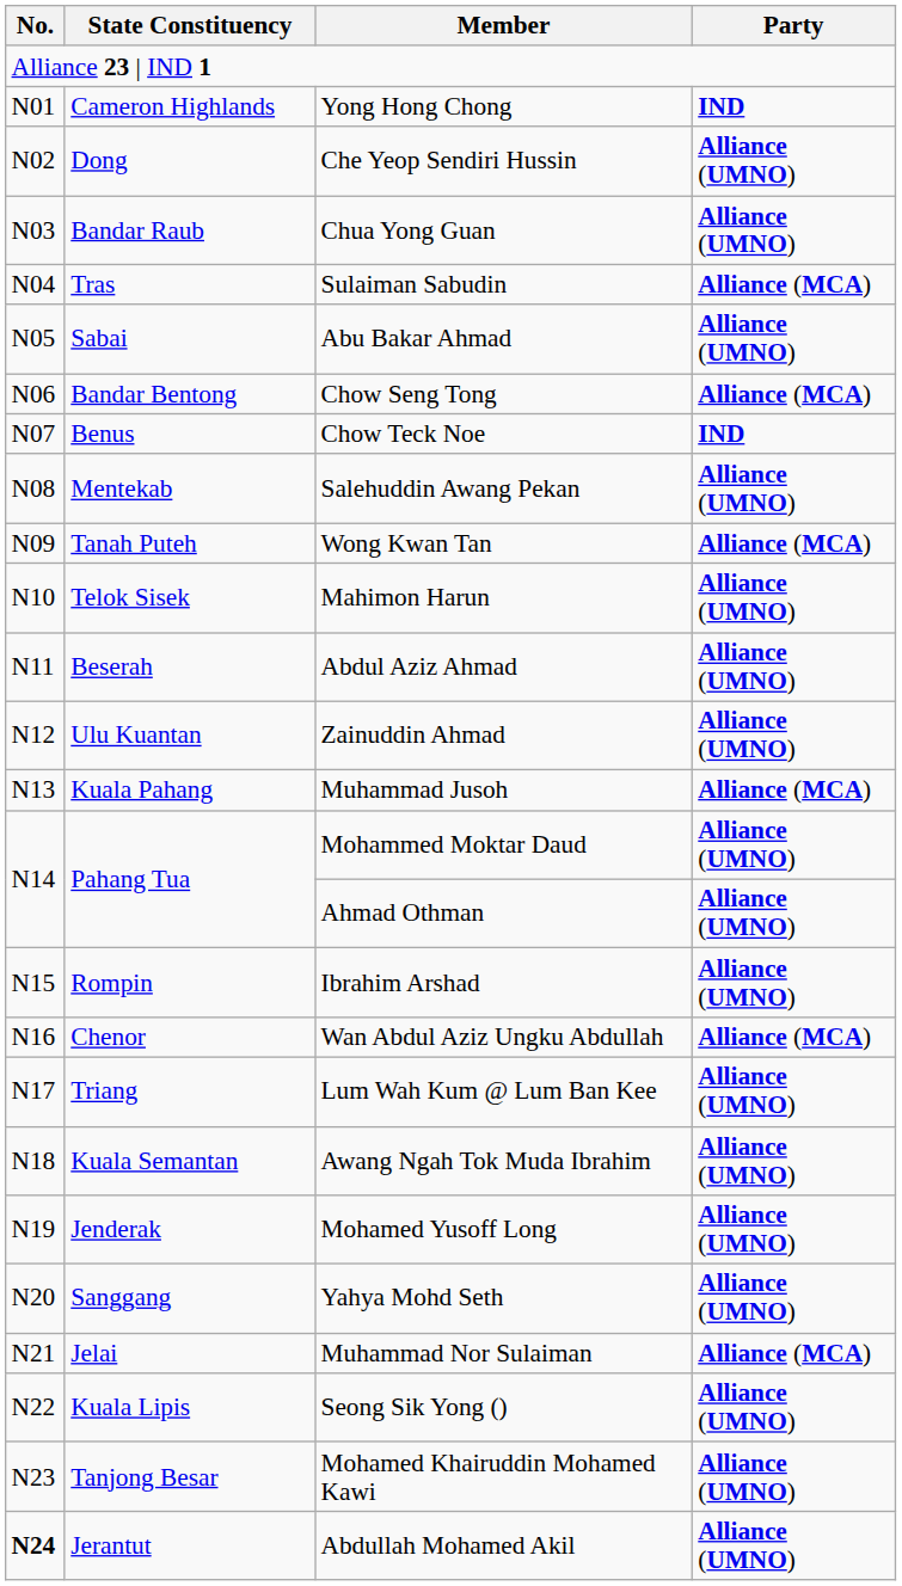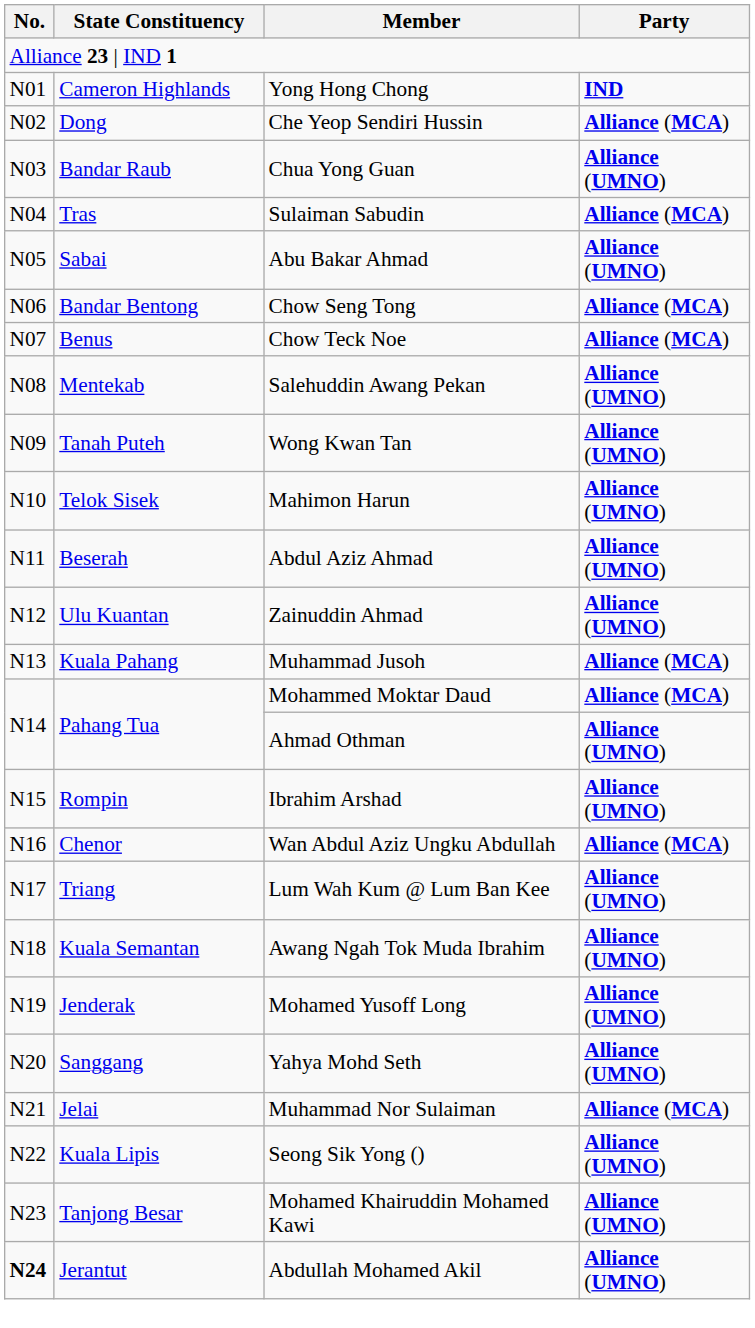 <table class="wikitable sortable">
 <tr>
 <th style="width:30px;">No.</th>
 <th style="width:150px;">State Constituency</th>
 <th style="width:230px;">Member</th>
 <th style="width:120px;">Party</th>
 </tr>
 <tr>
 <td colspan="4"><a href='#'>Alliance</a> <strong>23</strong> | <a href='#'>IND</a> <strong>1</strong></td>
 </tr>
 <tr>
 <td>N01</td>
 <td><a href='#'>Cameron Highlands</a></td>
 <td>Yong Hong Chong</td>
 <td><strong><a href='#'>IND</a></strong></td>
 </tr>
 <tr>
 <td>N02</td>
 <td><a href='#'>Dong</a></td>
 <td>Che Yeop Sendiri Hussin</td>
-<td><strong><a href='#'>Alliance</a></strong> (<strong><a href='#'>UMNO</a></strong>)</td>
+<td><strong><a href='#'>Alliance</a></strong> (<strong><a href='#'>MCA</a></strong>)</td>
 </tr>
 <tr>
 <td>N03</td>
 <td><a href='#'>Bandar Raub</a></td>
 <td>Chua Yong Guan</td>
 <td><strong><a href='#'>Alliance</a></strong> (<strong><a href='#'>UMNO</a></strong>)</td>
 </tr>
 <tr>
 <td>N04</td>
 <td><a href='#'>Tras</a></td>
 <td>Sulaiman Sabudin</td>
 <td><strong><a href='#'>Alliance</a></strong> (<strong><a href='#'>MCA</a></strong>)</td>
 </tr>
 <tr>
 <td>N05</td>
 <td><a href='#'>Sabai</a></td>
 <td>Abu Bakar Ahmad</td>
 <td><strong><a href='#'>Alliance</a></strong> (<strong><a href='#'>UMNO</a></strong>)</td>
 </tr>
 <tr>
 <td>N06</td>
 <td><a href='#'>Bandar Bentong</a></td>
 <td>Chow Seng Tong</td>
 <td><strong><a href='#'>Alliance</a></strong> (<strong><a href='#'>MCA</a></strong>)</td>
 </tr>
 <tr>
 <td>N07</td>
 <td><a href='#'>Benus</a></td>
 <td>Chow Teck Noe</td>
-<td><strong><a href='#'>IND</a></strong></td>
+<td><strong><a href='#'>Alliance</a></strong> (<strong><a href='#'>MCA</a></strong>)</td>
 </tr>
 <tr>
 <td>N08</td>
 <td><a href='#'>Mentekab</a></td>
 <td>Salehuddin Awang Pekan</td>
 <td><strong><a href='#'>Alliance</a></strong> (<strong><a href='#'>UMNO</a></strong>)</td>
 </tr>
 <tr>
 <td>N09</td>
 <td><a href='#'>Tanah Puteh</a></td>
 <td>Wong Kwan Tan</td>
-<td><strong><a href='#'>Alliance</a></strong> (<strong><a href='#'>MCA</a></strong>)</td>
+<td><strong><a href='#'>Alliance</a></strong> (<strong><a href='#'>UMNO</a></strong>)</td>
 </tr>
 <tr>
 <td>N10</td>
 <td><a href='#'>Telok Sisek</a></td>
 <td>Mahimon Harun</td>
 <td><strong><a href='#'>Alliance</a></strong> (<strong><a href='#'>UMNO</a></strong>)</td>
 </tr>
 <tr>
 <td>N11</td>
 <td><a href='#'>Beserah</a></td>
 <td>Abdul Aziz Ahmad</td>
 <td><strong><a href='#'>Alliance</a></strong> (<strong><a href='#'>UMNO</a></strong>)</td>
 </tr>
 <tr>
 <td>N12</td>
 <td><a href='#'>Ulu Kuantan</a></td>
 <td>Zainuddin Ahmad</td>
 <td><strong><a href='#'>Alliance</a></strong> (<strong><a href='#'>UMNO</a></strong>)</td>
 </tr>
 <tr>
 <td>N13</td>
 <td><a href='#'>Kuala Pahang</a></td>
 <td>Muhammad Jusoh</td>
 <td><strong><a href='#'>Alliance</a></strong> (<strong><a href='#'>MCA</a></strong>)</td>
 </tr>
 <tr>
 <td rowspan=2>N14</td>
 <td rowspan=2><a href='#'>Pahang Tua</a></td>
 <td>Mohammed Moktar Daud </td>
-<td><strong><a href='#'>Alliance</a></strong> (<strong><a href='#'>UMNO</a></strong>)</td>
+<td><strong><a href='#'>Alliance</a></strong> (<strong><a href='#'>MCA</a></strong>)</td>
 </tr>
 <tr>
 <td>Ahmad Othman </td>
 <td><strong><a href='#'>Alliance</a></strong> (<strong><a href='#'>UMNO</a></strong>)</td>
 </tr>
 <tr>
 <td>N15</td>
 <td><a href='#'>Rompin</a></td>
 <td>Ibrahim Arshad</td>
 <td><strong><a href='#'>Alliance</a></strong> (<strong><a href='#'>UMNO</a></strong>)</td>
 </tr>
 <tr>
 <td>N16</td>
 <td><a href='#'>Chenor</a></td>
 <td>Wan Abdul Aziz Ungku Abdullah</td>
 <td><strong><a href='#'>Alliance</a></strong> (<strong><a href='#'>MCA</a></strong>)</td>
 </tr>
 <tr>
 <td>N17</td>
 <td><a href='#'>Triang</a></td>
 <td>Lum Wah Kum @ Lum Ban Kee</td>
 <td><strong><a href='#'>Alliance</a></strong> (<strong><a href='#'>UMNO</a></strong>)</td>
 </tr>
 <tr>
 <td>N18</td>
 <td><a href='#'>Kuala Semantan</a></td>
 <td>Awang Ngah Tok Muda Ibrahim</td>
 <td><strong><a href='#'>Alliance</a></strong> (<strong><a href='#'>UMNO</a></strong>)</td>
 </tr>
 <tr>
 <td>N19</td>
 <td><a href='#'>Jenderak</a></td>
 <td>Mohamed Yusoff Long</td>
 <td><strong><a href='#'>Alliance</a></strong> (<strong><a href='#'>UMNO</a></strong>)</td>
 </tr>
 <tr>
 <td>N20</td>
 <td><a href='#'>Sanggang</a></td>
 <td>Yahya Mohd Seth</td>
 <td><strong><a href='#'>Alliance</a></strong> (<strong><a href='#'>UMNO</a></strong>)</td>
 </tr>
 <tr>
 <td>N21</td>
 <td><a href='#'>Jelai</a></td>
 <td>Muhammad Nor Sulaiman</td>
 <td><strong><a href='#'>Alliance</a></strong> (<strong><a href='#'>MCA</a></strong>)</td>
 </tr>
 <tr>
 <td>N22</td>
 <td><a href='#'>Kuala Lipis</a></td>
 <td>Seong Sik Yong ()</td>
 <td><strong><a href='#'>Alliance</a></strong> (<strong><a href='#'>UMNO</a></strong>)</td>
 </tr>
 <tr>
 <td>N23</td>
 <td><a href='#'>Tanjong Besar</a></td>
 <td>Mohamed Khairuddin Mohamed Kawi</td>
 <td><strong><a href='#'>Alliance</a></strong> (<strong><a href='#'>UMNO</a></strong>)</td>
 </tr>
 <tr>
 <td><strong>N24</strong></td>
 <td><a href='#'>Jerantut</a></td>
 <td>Abdullah Mohamed Akil</td>
 <td><strong><a href='#'>Alliance</a></strong> (<strong><a href='#'>UMNO</a></strong>)</td>
 </tr>
 </table>
